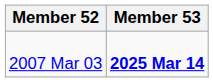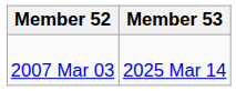 <table class=wikitable align=right>
 <tr>
 <th>Member 52</th>
 <th>Member 53</th>
 </tr>
 <tr>
 <td><br><a href='#'>2007 Mar 03</a></td>
-<td><strong><br><a href='#'>2025 Mar 14</a></strong></td>
+<td><br><a href='#'>2025 Mar 14</a></td>
 </tr>
 </table>
